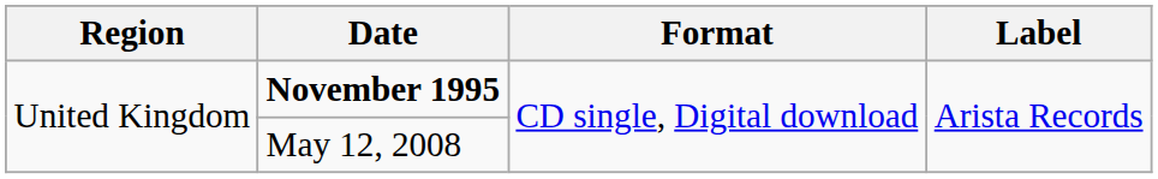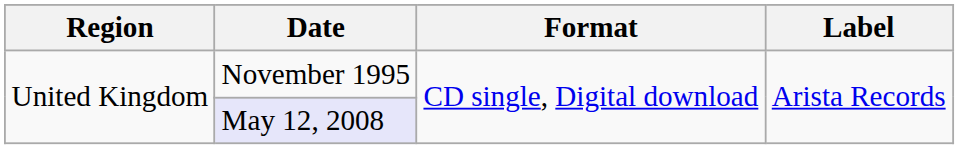 <table class=wikitable>
 <tr>
 <th>Region</th>
 <th>Date</th>
 <th>Format</th>
 <th>Label</th>
 </tr>
 <tr>
 <td rowspan="2">United Kingdom</td>
-<td><strong>November 1995</strong></td>
+<td>November 1995</td>
 <td rowspan="2"><a href='#'>CD single</a>, <a href='#'>Digital download</a></td>
 <td rowspan="2"><a href='#'>Arista Records</a></td>
 </tr>
 <tr>
-<td>May 12, 2008</td>
+<td style="background: lavender;">May 12, 2008</td>
 </tr>
 </table>
